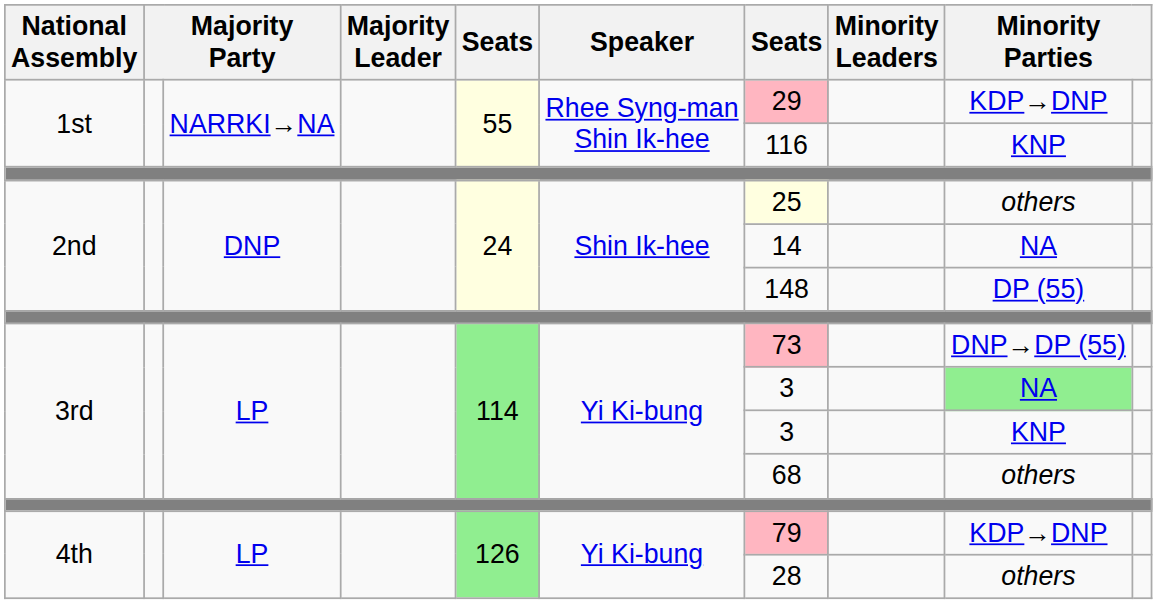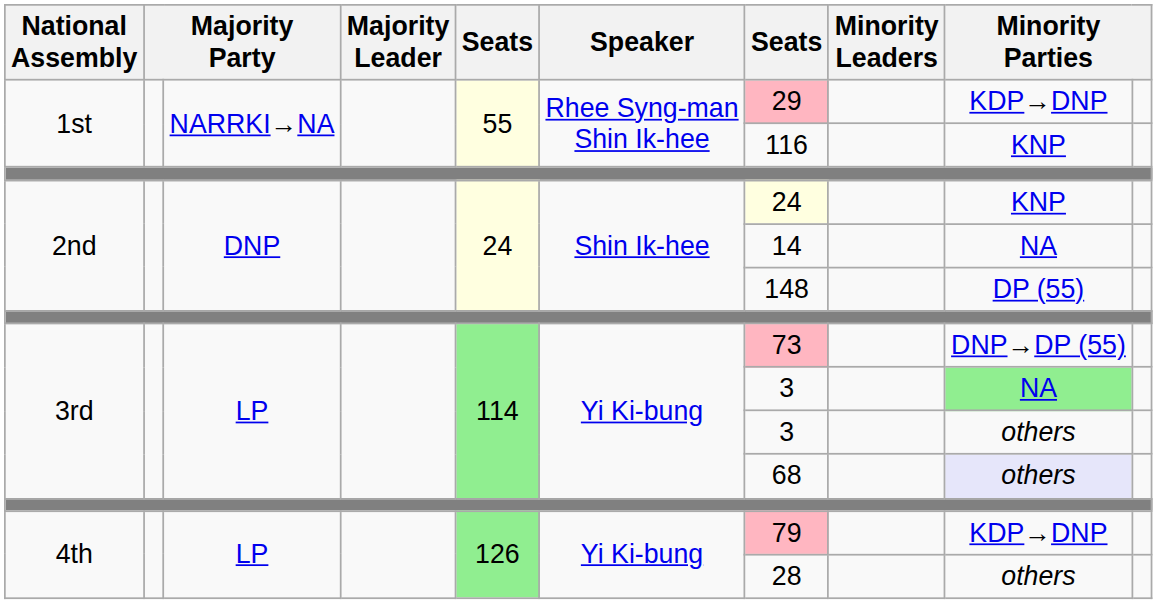 <table class="wikitable" style="font-size:96%; text-align:center;">
 <tr>
 <th>National<br>Assembly</th>
 <th colspan="2">Majority<br>Party</th>
 <th>Majority<br>Leader</th>
 <th>Seats</th>
 <th>Speaker</th>
 <th>Seats</th>
 <th>Minority<br>Leaders</th>
 <th colspan="2">Minority<br>Parties</th>
 </tr>
 <tr>
 <td rowspan="2">1st<br></td>
 <td rowspan="2" style="background: "> </td>
 <td rowspan="2"><a href='#'>NARRKI</a>→<a href='#'>NA</a></td>
 <td rowspan="2"></td>
 <td rowspan="2" style="background:lightyellow;">55</td>
 <td rowspan="2"> <a href='#'>Rhee Syng-man</a> <br> <a href='#'>Shin Ik-hee</a> </td>
 <td style="background:lightpink;">29</td>
 <td></td>
 <td><a href='#'>KDP</a>→<a href='#'>DNP</a></td>
 <td style="background: "> </td>
 </tr>
 <tr>
 <td>116</td>
 <td></td>
 <td><a href='#'>KNP</a></td>
 <td style="background: "></td>
 </tr>
 <tr>
 <td bgcolor="grey" colspan = "10"></td>
 </tr>
 <tr>
 <td rowspan="3">2nd<br></td>
 <td rowspan="3" style="background: "></td>
 <td rowspan="3"><a href='#'>DNP</a></td>
 <td rowspan="3"></td>
 <td rowspan="3" style="background:lightyellow;">24</td>
 <td rowspan="3"><a href='#'>Shin Ik-hee</a> </td>
-<td style="background:lightyellow;">25</td>
+<td style="background:lightyellow;">24</td>
 <td></td>
-<td><em>others</em></td>
+<td><a href='#'>KNP</a></td>
 <td style="background: "></td>
 </tr>
 <tr>
 <td>14</td>
 <td></td>
 <td><a href='#'>NA</a></td>
 <td style="background: "></td>
 </tr>
 <tr>
 <td>148</td>
 <td></td>
 <td><a href='#'>DP (55)</a></td>
 <td style="background: "></td>
 </tr>
 <tr>
 <td bgcolor="grey" colspan = "10"></td>
 </tr>
 <tr>
 <td rowspan="4">3rd<br></td>
 <td rowspan="4" style="background: "> </td>
 <td rowspan="4"><a href='#'>LP</a></td>
 <td rowspan="4"></td>
 <td rowspan="4" style="background:lightgreen;">114</td>
 <td rowspan="4"><a href='#'>Yi Ki-bung</a> </td>
 <td style="background:lightpink;">73</td>
 <td></td>
 <td><a href='#'>DNP</a>→<a href='#'>DP (55)</a></td>
 <td style="background: "></td>
 </tr>
 <tr>
 <td>3</td>
 <td></td>
 <td style="background: lightgreen;"><a href='#'>NA</a></td>
 <td style="background: "></td>
 </tr>
 <tr>
 <td>3</td>
 <td></td>
-<td><a href='#'>KNP</a></td>
+<td><em>others</em></td>
 <td style="background: "></td>
 </tr>
 <tr>
 <td>68</td>
 <td></td>
-<td><em>others</em></td>
+<td style="background: lavender;"><em>others</em></td>
 <td style="background: "></td>
 </tr>
 <tr>
 <td bgcolor="grey" colspan = "10"></td>
 </tr>
 <tr>
 <td rowspan="2">4th<br></td>
 <td rowspan="2" style="background: "></td>
 <td rowspan="2"><a href='#'>LP</a></td>
 <td rowspan="2"></td>
 <td rowspan="2" style="background:lightgreen;">126</td>
 <td rowspan="2"><a href='#'>Yi Ki-bung</a> </td>
 <td style="background:lightpink;">79</td>
 <td></td>
 <td><a href='#'>KDP</a>→<a href='#'>DNP</a></td>
 <td style="background: "></td>
 </tr>
 <tr>
 <td>28</td>
 <td></td>
 <td><em>others</em></td>
 <td style="background: "></td>
 </tr>
 </table>
